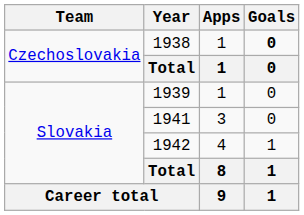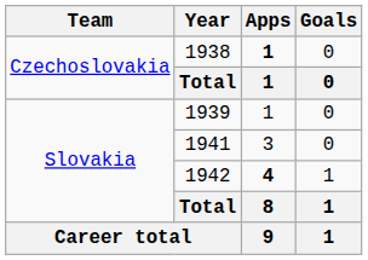 <table class="wikitable" style="text-align:center">
 <tr>
 <th>Team</th>
 <th>Year</th>
 <th>Apps</th>
 <th>Goals</th>
 </tr>
 <tr>
 <td rowspan="2"><a href='#'>Czechoslovakia</a></td>
 <td>1938</td>
-<td>1</td>
-<td><strong>0</strong></td>
+<td><strong>1</strong></td>
+<td>0</td>
 </tr>
 <tr>
 <th>Total</th>
 <th>1</th>
 <th>0</th>
 </tr>
 <tr>
 <td rowspan="4"><a href='#'>Slovakia</a></td>
 <td>1939</td>
 <td>1</td>
 <td>0</td>
 </tr>
 <tr>
 <td>1941</td>
 <td>3</td>
 <td>0</td>
 </tr>
 <tr>
 <td>1942</td>
-<td>4</td>
+<td><strong>4</strong></td>
 <td>1</td>
 </tr>
 <tr>
 <th>Total</th>
 <th>8</th>
 <th>1</th>
 </tr>
 <tr>
 <th colspan="2">Career total</th>
 <th>9</th>
 <th>1</th>
 </tr>
 </table>
